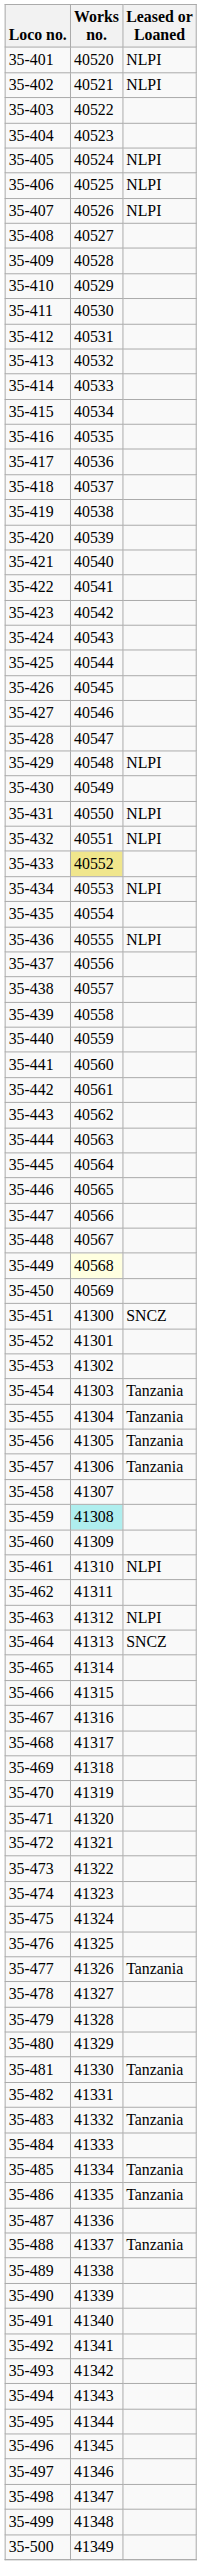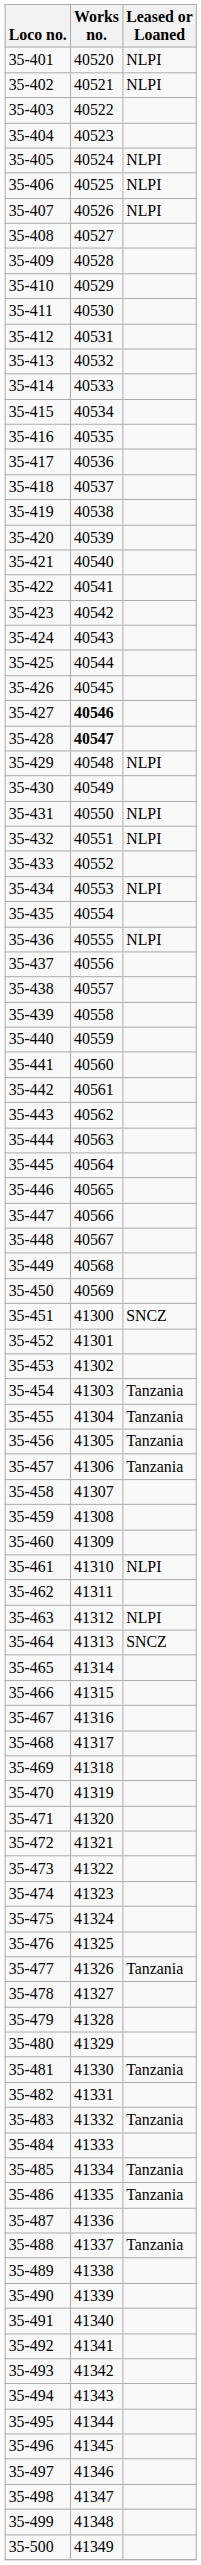 <table class="wikitable collapsible sortable collapsed" style="margin:0.5em auto; font-size:100%;">
 <tr>
 <th><br>Loco no.</th>
 <th>Works<br>no.</th>
 <th>Leased or<br>Loaned</th>
 </tr>
 <tr>
 <td>35-401</td>
 <td>40520</td>
 <td>NLPI</td>
 </tr>
 <tr>
 <td>35-402</td>
 <td>40521</td>
 <td>NLPI</td>
 </tr>
 <tr>
 <td>35-403</td>
 <td>40522</td>
 <td></td>
 </tr>
 <tr>
 <td>35-404</td>
 <td>40523</td>
 <td></td>
 </tr>
 <tr>
 <td>35-405</td>
 <td>40524</td>
 <td>NLPI</td>
 </tr>
 <tr>
 <td>35-406</td>
 <td>40525</td>
 <td>NLPI</td>
 </tr>
 <tr>
 <td>35-407</td>
 <td>40526</td>
 <td>NLPI</td>
 </tr>
 <tr>
 <td>35-408</td>
 <td>40527</td>
 <td></td>
 </tr>
 <tr>
 <td>35-409</td>
 <td>40528</td>
 <td></td>
 </tr>
 <tr>
 <td>35-410</td>
 <td>40529</td>
 <td></td>
 </tr>
 <tr>
 <td>35-411</td>
 <td>40530</td>
 <td></td>
 </tr>
 <tr>
 <td>35-412</td>
 <td>40531</td>
 <td></td>
 </tr>
 <tr>
 <td>35-413</td>
 <td>40532</td>
 <td></td>
 </tr>
 <tr>
 <td>35-414</td>
 <td>40533</td>
 <td></td>
 </tr>
 <tr>
 <td>35-415</td>
 <td>40534</td>
 <td></td>
 </tr>
 <tr>
 <td>35-416</td>
 <td>40535</td>
 <td></td>
 </tr>
 <tr>
 <td>35-417</td>
 <td>40536</td>
 <td></td>
 </tr>
 <tr>
 <td>35-418</td>
 <td>40537</td>
 <td></td>
 </tr>
 <tr>
 <td>35-419</td>
 <td>40538</td>
 <td></td>
 </tr>
 <tr>
 <td>35-420</td>
 <td>40539</td>
 <td></td>
 </tr>
 <tr>
 <td>35-421</td>
 <td>40540</td>
 <td></td>
 </tr>
 <tr>
 <td>35-422</td>
 <td>40541</td>
 <td></td>
 </tr>
 <tr>
 <td>35-423</td>
 <td>40542</td>
 <td></td>
 </tr>
 <tr>
 <td>35-424</td>
 <td>40543</td>
 <td></td>
 </tr>
 <tr>
 <td>35-425</td>
 <td>40544</td>
 <td></td>
 </tr>
 <tr>
 <td>35-426</td>
 <td>40545</td>
 <td></td>
 </tr>
 <tr>
 <td>35-427</td>
-<td>40546</td>
+<td><strong>40546</strong></td>
 <td></td>
 </tr>
 <tr>
 <td>35-428</td>
-<td>40547</td>
+<td><strong>40547</strong></td>
 <td></td>
 </tr>
 <tr>
 <td>35-429</td>
 <td>40548</td>
 <td>NLPI</td>
 </tr>
 <tr>
 <td>35-430</td>
 <td>40549</td>
 <td></td>
 </tr>
 <tr>
 <td>35-431</td>
 <td>40550</td>
 <td>NLPI</td>
 </tr>
 <tr>
 <td>35-432</td>
 <td>40551</td>
 <td>NLPI</td>
 </tr>
 <tr>
 <td>35-433</td>
-<td style="background: khaki;">40552</td>
+<td>40552</td>
 <td></td>
 </tr>
 <tr>
 <td>35-434</td>
 <td>40553</td>
 <td>NLPI</td>
 </tr>
 <tr>
 <td>35-435</td>
 <td>40554</td>
 <td></td>
 </tr>
 <tr>
 <td>35-436</td>
 <td>40555</td>
 <td>NLPI</td>
 </tr>
 <tr>
 <td>35-437</td>
 <td>40556</td>
 <td></td>
 </tr>
 <tr>
 <td>35-438</td>
 <td>40557</td>
 <td></td>
 </tr>
 <tr>
 <td>35-439</td>
 <td>40558</td>
 <td></td>
 </tr>
 <tr>
 <td>35-440</td>
 <td>40559</td>
 <td></td>
 </tr>
 <tr>
 <td>35-441</td>
 <td>40560</td>
 <td></td>
 </tr>
 <tr>
 <td>35-442</td>
 <td>40561</td>
 <td></td>
 </tr>
 <tr>
 <td>35-443</td>
 <td>40562</td>
 <td></td>
 </tr>
 <tr>
 <td>35-444</td>
 <td>40563</td>
 <td></td>
 </tr>
 <tr>
 <td>35-445</td>
 <td>40564</td>
 <td></td>
 </tr>
 <tr>
 <td>35-446</td>
 <td>40565</td>
 <td></td>
 </tr>
 <tr>
 <td>35-447</td>
 <td>40566</td>
 <td></td>
 </tr>
 <tr>
 <td>35-448</td>
 <td>40567</td>
 <td></td>
 </tr>
 <tr>
 <td>35-449</td>
-<td style="background: lightyellow;">40568</td>
+<td>40568</td>
 <td></td>
 </tr>
 <tr>
 <td>35-450</td>
 <td>40569</td>
 <td></td>
 </tr>
 <tr>
 <td>35-451</td>
 <td>41300</td>
 <td>SNCZ</td>
 </tr>
 <tr>
 <td>35-452</td>
 <td>41301</td>
 <td></td>
 </tr>
 <tr>
 <td>35-453</td>
 <td>41302</td>
 <td></td>
 </tr>
 <tr>
 <td>35-454</td>
 <td>41303</td>
 <td>Tanzania</td>
 </tr>
 <tr>
 <td>35-455</td>
 <td>41304</td>
 <td>Tanzania</td>
 </tr>
 <tr>
 <td>35-456</td>
 <td>41305</td>
 <td>Tanzania</td>
 </tr>
 <tr>
 <td>35-457</td>
 <td>41306</td>
 <td>Tanzania</td>
 </tr>
 <tr>
 <td>35-458</td>
 <td>41307</td>
 <td></td>
 </tr>
 <tr>
 <td>35-459</td>
-<td style="background: paleturquoise;">41308</td>
+<td>41308</td>
 <td></td>
 </tr>
 <tr>
 <td>35-460</td>
 <td>41309</td>
 <td></td>
 </tr>
 <tr>
 <td>35-461</td>
 <td>41310</td>
 <td>NLPI</td>
 </tr>
 <tr>
 <td>35-462</td>
 <td>41311</td>
 <td></td>
 </tr>
 <tr>
 <td>35-463</td>
 <td>41312</td>
 <td>NLPI</td>
 </tr>
 <tr>
 <td>35-464</td>
 <td>41313</td>
 <td>SNCZ</td>
 </tr>
 <tr>
 <td>35-465</td>
 <td>41314</td>
 <td></td>
 </tr>
 <tr>
 <td>35-466</td>
 <td>41315</td>
 <td></td>
 </tr>
 <tr>
 <td>35-467</td>
 <td>41316</td>
 <td></td>
 </tr>
 <tr>
 <td>35-468</td>
 <td>41317</td>
 <td></td>
 </tr>
 <tr>
 <td>35-469</td>
 <td>41318</td>
 <td></td>
 </tr>
 <tr>
 <td>35-470</td>
 <td>41319</td>
 <td></td>
 </tr>
 <tr>
 <td>35-471</td>
 <td>41320</td>
 <td></td>
 </tr>
 <tr>
 <td>35-472</td>
 <td>41321</td>
 <td></td>
 </tr>
 <tr>
 <td>35-473</td>
 <td>41322</td>
 <td></td>
 </tr>
 <tr>
 <td>35-474</td>
 <td>41323</td>
 <td></td>
 </tr>
 <tr>
 <td>35-475</td>
 <td>41324</td>
 <td></td>
 </tr>
 <tr>
 <td>35-476</td>
 <td>41325</td>
 <td></td>
 </tr>
 <tr>
 <td>35-477</td>
 <td>41326</td>
 <td>Tanzania</td>
 </tr>
 <tr>
 <td>35-478</td>
 <td>41327</td>
 <td></td>
 </tr>
 <tr>
 <td>35-479</td>
 <td>41328</td>
 <td></td>
 </tr>
 <tr>
 <td>35-480</td>
 <td>41329</td>
 <td></td>
 </tr>
 <tr>
 <td>35-481</td>
 <td>41330</td>
 <td>Tanzania</td>
 </tr>
 <tr>
 <td>35-482</td>
 <td>41331</td>
 <td></td>
 </tr>
 <tr>
 <td>35-483</td>
 <td>41332</td>
 <td>Tanzania</td>
 </tr>
 <tr>
 <td>35-484</td>
 <td>41333</td>
 <td></td>
 </tr>
 <tr>
 <td>35-485</td>
 <td>41334</td>
 <td>Tanzania</td>
 </tr>
 <tr>
 <td>35-486</td>
 <td>41335</td>
 <td>Tanzania</td>
 </tr>
 <tr>
 <td>35-487</td>
 <td>41336</td>
 <td></td>
 </tr>
 <tr>
 <td>35-488</td>
 <td>41337</td>
 <td>Tanzania</td>
 </tr>
 <tr>
 <td>35-489</td>
 <td>41338</td>
 <td></td>
 </tr>
 <tr>
 <td>35-490</td>
 <td>41339</td>
 <td></td>
 </tr>
 <tr>
 <td>35-491</td>
 <td>41340</td>
 <td></td>
 </tr>
 <tr>
 <td>35-492</td>
 <td>41341</td>
 <td></td>
 </tr>
 <tr>
 <td>35-493</td>
 <td>41342</td>
 <td></td>
 </tr>
 <tr>
 <td>35-494</td>
 <td>41343</td>
 <td></td>
 </tr>
 <tr>
 <td>35-495</td>
 <td>41344</td>
 <td></td>
 </tr>
 <tr>
 <td>35-496</td>
 <td>41345</td>
 <td></td>
 </tr>
 <tr>
 <td>35-497</td>
 <td>41346</td>
 <td></td>
 </tr>
 <tr>
 <td>35-498</td>
 <td>41347</td>
 <td></td>
 </tr>
 <tr>
 <td>35-499</td>
 <td>41348</td>
 <td></td>
 </tr>
 <tr>
 <td>35-500</td>
 <td>41349</td>
 <td></td>
 </tr>
 <tr>
 </tr>
 </table>
